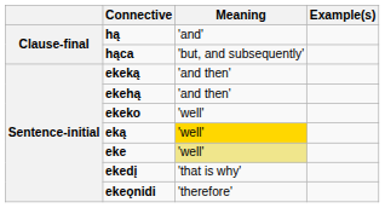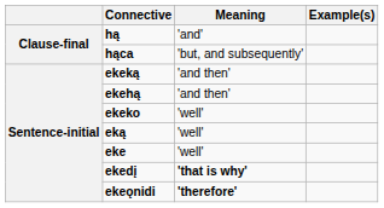 <table class="wikitable">
 <tr>
 <th></th>
 <th>Connective</th>
 <th>Meaning</th>
 <th>Example(s)</th>
 </tr>
 <tr>
 <th rowspan="2">Clause-final</th>
 <td><strong>hą</strong></td>
 <td>'and'</td>
 <td><br></td>
 </tr>
 <tr>
 <td><strong>hąca</strong></td>
 <td>'but, and subsequently'</td>
 <td><br></td>
 </tr>
 <tr>
 <th rowspan="7">Sentence-initial</th>
 <td><strong>ekeką</strong></td>
 <td>'and then'</td>
 <td><br></td>
 </tr>
 <tr>
 <td><strong>ekehą</strong></td>
 <td>'and then'</td>
 <td><br></td>
 </tr>
 <tr>
 <td><strong>ekeko</strong></td>
 <td>'well'</td>
 <td><br></td>
 </tr>
 <tr>
 <td><strong>eką</strong></td>
-<td style="background: gold;">'well'</td>
+<td>'well'</td>
 <td><br></td>
 </tr>
 <tr>
 <td><strong>eke</strong></td>
-<td style="background: khaki;">'well'</td>
+<td>'well'</td>
 <td><br></td>
 </tr>
 <tr>
 <td><strong>ekedį</strong></td>
-<td>'that is why'</td>
+<td><strong>'that is why'</strong></td>
 <td></td>
 </tr>
 <tr>
 <td><strong>ekeǫnidi</strong></td>
-<td>'therefore'</td>
+<td><strong>'therefore'</strong></td>
 <td><br></td>
 </tr>
 </table>
